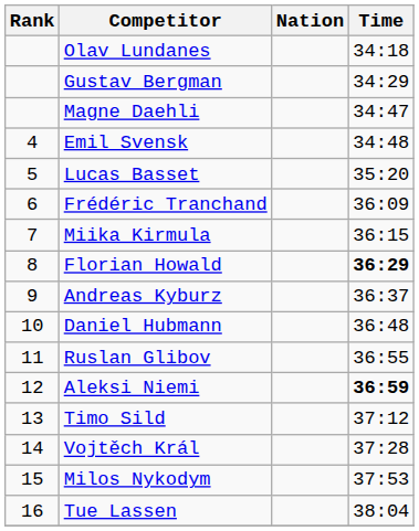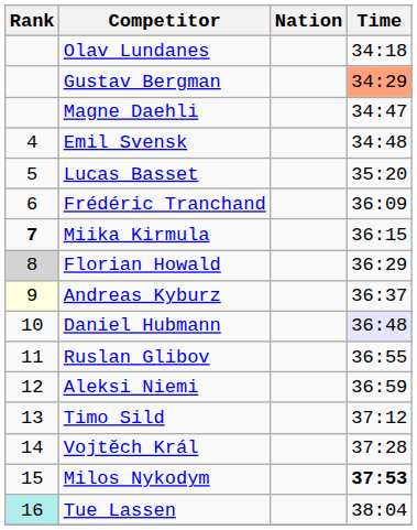 <table class="wikitable sortable" style="text-align:left">
 <tr>
 <th data-sort-type="number">Rank</th>
 <th class="unsortable">Competitor</th>
 <th>Nation</th>
 <th>Time</th>
 </tr>
 <tr>
 <td style="text-align:center"></td>
 <td><a href='#'>Olav Lundanes</a></td>
 <td></td>
 <td style="text-align:right">34:18</td>
 </tr>
 <tr>
 <td style="text-align:center"></td>
 <td><a href='#'>Gustav Bergman</a></td>
 <td></td>
-<td style="text-align:right">34:29</td>
+<td style="background: lightsalmon; text-align:right">34:29</td>
 </tr>
 <tr>
 <td style="text-align:center"></td>
 <td><a href='#'>Magne Daehli</a></td>
 <td></td>
 <td style="text-align:right">34:47</td>
 </tr>
 <tr>
 <td style="text-align:center">4</td>
 <td><a href='#'>Emil Svensk</a></td>
 <td></td>
 <td style="text-align:right">34:48</td>
 </tr>
 <tr>
 <td style="text-align:center">5</td>
 <td><a href='#'>Lucas Basset</a></td>
 <td></td>
 <td style="text-align:right">35:20</td>
 </tr>
 <tr>
 <td style="text-align:center">6</td>
 <td><a href='#'>Frédéric Tranchand</a></td>
 <td></td>
 <td style="text-align:right">36:09</td>
 </tr>
 <tr>
-<td style="text-align:center">7</td>
+<td style="text-align:center"><strong>7</strong></td>
 <td><a href='#'>Miika Kirmula</a></td>
 <td></td>
 <td style="text-align:right">36:15</td>
 </tr>
 <tr>
-<td style="text-align:center">8</td>
+<td style="background: lightgrey; text-align:center">8</td>
 <td><a href='#'>Florian Howald</a></td>
 <td></td>
-<td style="text-align:right"><strong>36:29</strong></td>
+<td style="text-align:right">36:29</td>
 </tr>
 <tr>
-<td style="text-align:center">9</td>
+<td style="background: lightyellow; text-align:center">9</td>
 <td><a href='#'>Andreas Kyburz</a></td>
 <td></td>
 <td style="text-align:right">36:37</td>
 </tr>
 <tr>
 <td style="text-align:center">10</td>
 <td><a href='#'>Daniel Hubmann</a></td>
 <td></td>
-<td style="text-align:right">36:48</td>
+<td style="background: lavender; text-align:right">36:48</td>
 </tr>
 <tr>
 <td style="text-align:center">11</td>
 <td><a href='#'>Ruslan Glibov</a></td>
 <td></td>
 <td style="text-align:right">36:55</td>
 </tr>
 <tr>
 <td style="text-align:center">12</td>
 <td><a href='#'>Aleksi Niemi</a></td>
 <td></td>
-<td style="text-align:right"><strong>36:59</strong></td>
+<td style="text-align:right">36:59</td>
 </tr>
 <tr>
 <td style="text-align:center">13</td>
 <td><a href='#'>Timo Sild</a></td>
 <td></td>
 <td style="text-align:right">37:12</td>
 </tr>
 <tr>
 <td style="text-align:center">14</td>
 <td><a href='#'>Vojtěch Král</a></td>
 <td></td>
 <td style="text-align:right">37:28</td>
 </tr>
 <tr>
 <td style="text-align:center">15</td>
 <td><a href='#'>Milos Nykodym</a></td>
 <td></td>
-<td style="text-align:right">37:53</td>
+<td style="text-align:right"><strong>37:53</strong></td>
 </tr>
 <tr>
-<td style="text-align:center">16</td>
+<td style="background: paleturquoise; text-align:center">16</td>
 <td><a href='#'>Tue Lassen</a></td>
 <td></td>
 <td style="text-align:right">38:04</td>
 </tr>
 <tr>
 </tr>
 </table>
